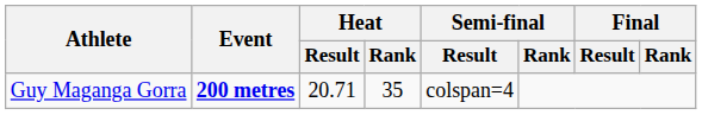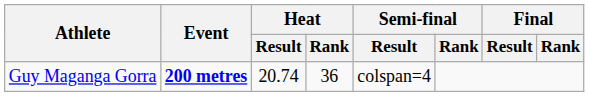 <table class="wikitable" style="font-size:90%">
 <tr>
 <th rowspan="2">Athlete</th>
 <th rowspan="2">Event</th>
 <th colspan="2">Heat</th>
 <th colspan="2">Semi-final</th>
 <th colspan="2">Final</th>
 </tr>
 <tr style="font-size:95%">
 <th>Result</th>
 <th>Rank</th>
 <th>Result</th>
 <th>Rank</th>
 <th>Result</th>
 <th>Rank</th>
 </tr>
 <tr style=text-align:center>
 <td style=text-align:left><a href='#'>Guy Maganga Gorra</a></td>
 <td style=text-align:left><strong><a href='#'>200 metres</a></strong></td>
-<td>20.71</td>
-<td>35</td>
+<td>20.74</td>
+<td>36</td>
 <td>colspan=4</td>
 </tr>
 </table>
